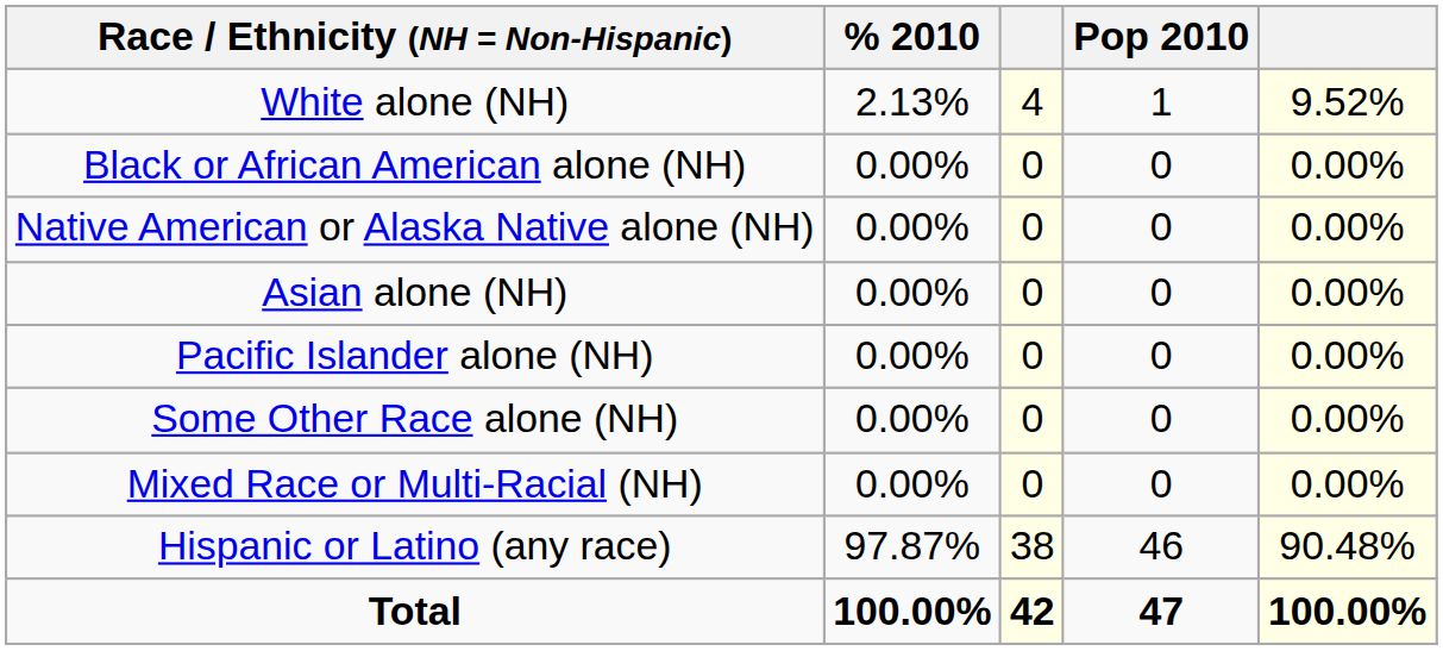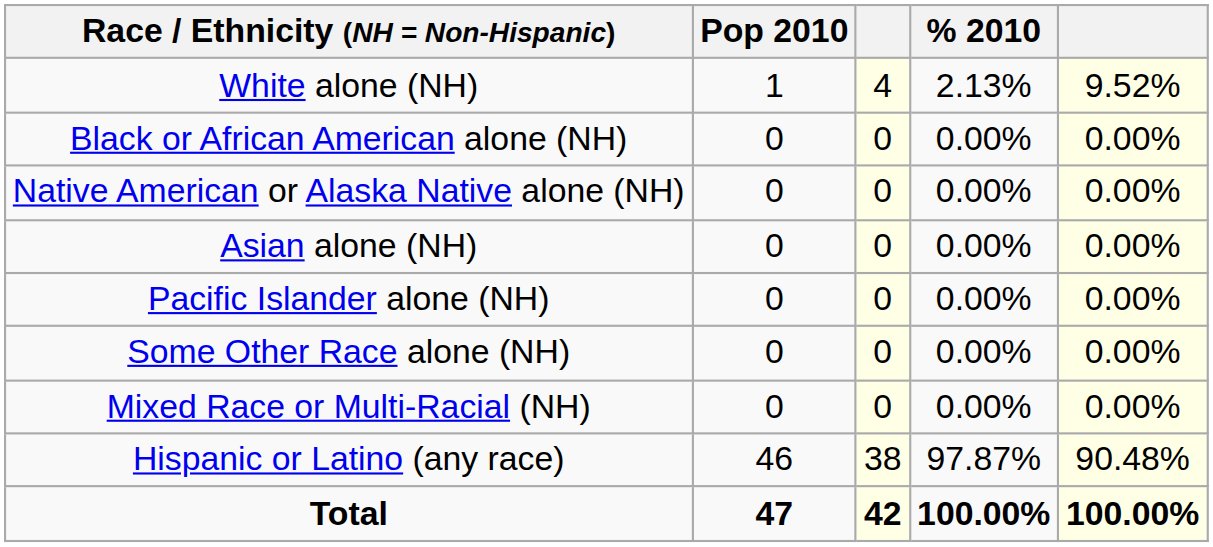 <table class="wikitable" style="text-align:center;">
 <tr>
 <th>Race / Ethnicity <small>(<em>NH = Non-Hispanic</em>)</small></th>
+<th>Pop 2010</th>
+<th></th>
 <th>% 2010</th>
-<th></th>
-<th>Pop 2010</th>
 <th></th>
 </tr>
 <tr>
 <td><a href='#'>White</a> alone (NH)</td>
+<td>1</td>
+<td style='background: #ffffe6;'>4</td>
 <td>2.13%</td>
-<td style='background: #ffffe6;'>4</td>
-<td>1</td>
 <td style='background: #ffffe6;'>9.52%</td>
 </tr>
 <tr>
 <td><a href='#'>Black or African American</a> alone (NH)</td>
+<td>0</td>
+<td style='background: #ffffe6;'>0</td>
 <td>0.00%</td>
-<td style='background: #ffffe6;'>0</td>
-<td>0</td>
 <td style='background: #ffffe6;'>0.00%</td>
 </tr>
 <tr>
 <td><a href='#'>Native American</a> or <a href='#'>Alaska Native</a> alone (NH)</td>
+<td>0</td>
+<td style='background: #ffffe6;'>0</td>
 <td>0.00%</td>
-<td style='background: #ffffe6;'>0</td>
-<td>0</td>
 <td style='background: #ffffe6;'>0.00%</td>
 </tr>
 <tr>
 <td><a href='#'>Asian</a> alone (NH)</td>
+<td>0</td>
+<td style='background: #ffffe6;'>0</td>
 <td>0.00%</td>
-<td style='background: #ffffe6;'>0</td>
-<td>0</td>
 <td style='background: #ffffe6;'>0.00%</td>
 </tr>
 <tr>
 <td><a href='#'>Pacific Islander</a> alone (NH)</td>
+<td>0</td>
+<td style='background: #ffffe6;'>0</td>
 <td>0.00%</td>
-<td style='background: #ffffe6;'>0</td>
-<td>0</td>
 <td style='background: #ffffe6;'>0.00%</td>
 </tr>
 <tr>
 <td><a href='#'>Some Other Race</a> alone (NH)</td>
+<td>0</td>
+<td style='background: #ffffe6;'>0</td>
 <td>0.00%</td>
-<td style='background: #ffffe6;'>0</td>
-<td>0</td>
 <td style='background: #ffffe6;'>0.00%</td>
 </tr>
 <tr>
 <td><a href='#'>Mixed Race or Multi-Racial</a> (NH)</td>
+<td>0</td>
+<td style='background: #ffffe6;'>0</td>
 <td>0.00%</td>
-<td style='background: #ffffe6;'>0</td>
-<td>0</td>
 <td style='background: #ffffe6;'>0.00%</td>
 </tr>
 <tr>
 <td><a href='#'>Hispanic or Latino</a> (any race)</td>
+<td>46</td>
+<td style='background: #ffffe6;'>38</td>
 <td>97.87%</td>
-<td style='background: #ffffe6;'>38</td>
-<td>46</td>
 <td style='background: #ffffe6;'>90.48%</td>
 </tr>
 <tr>
 <td><strong>Total</strong></td>
+<td><strong>47</strong></td>
+<td style='background: #ffffe6;'><strong>42</strong></td>
 <td><strong>100.00%</strong></td>
-<td style='background: #ffffe6;'><strong>42</strong></td>
-<td><strong>47</strong></td>
 <td style='background: #ffffe6;'><strong>100.00%</strong></td>
 </tr>
 </table>
